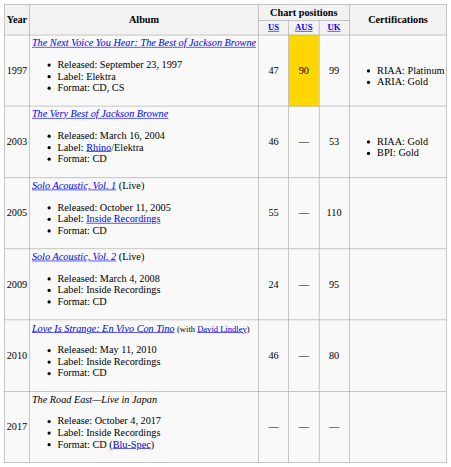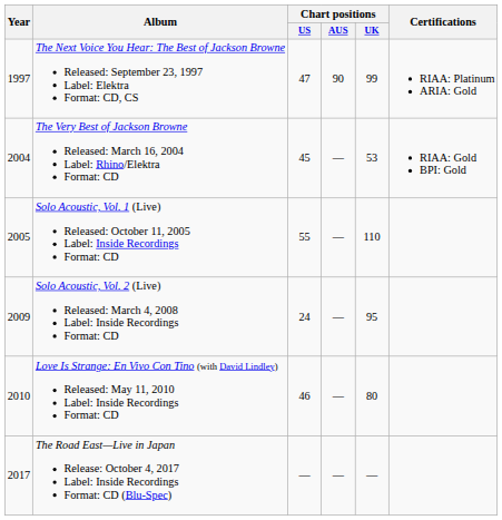 <table class="wikitable">
 <tr>
 <th rowspan="2">Year</th>
 <th rowspan="2">Album</th>
 <th colspan="3">Chart positions</th>
 <th rowspan="2">Certifications</th>
 </tr>
 <tr>
 <th style="width:3em;font-size:85%;"><a href='#'>US</a><br></th>
 <th style="width:3em;font-size:85%;"><a href='#'>AUS</a><br></th>
 <th style="width:3em;font-size:85%;"><a href='#'>UK</a><br></th>
 </tr>
 <tr>
 <td>1997</td>
 <td><em><a href='#'>The Next Voice You Hear: The Best of Jackson Browne</a></em><br><ul><li>Released: September 23, 1997</li><li>Label: Elektra</li><li>Format: CD, CS</li></ul></td>
 <td align="center">47</td>
-<td align="center" style="background: gold;">90</td>
+<td align="center">90</td>
 <td align="center">99</td>
 <td><br><ul><li>RIAA: Platinum</li><li>ARIA: Gold</li></ul></td>
 </tr>
 <tr>
-<td>2003</td>
+<td>2004</td>
 <td><em><a href='#'>The Very Best of Jackson Browne</a></em><br><ul><li>Released: March 16, 2004</li><li>Label: <a href='#'>Rhino</a>/Elektra</li><li>Format: CD</li></ul></td>
-<td align="center">46</td>
+<td align="center">45</td>
 <td align="center">—</td>
 <td align="center">53</td>
 <td><br><ul><li>RIAA: Gold</li><li>BPI: Gold</li></ul></td>
 </tr>
 <tr>
 <td>2005</td>
 <td><em><a href='#'>Solo Acoustic, Vol. 1</a></em> (Live)<br><ul><li>Released: October 11, 2005</li><li>Label: <a href='#'>Inside Recordings</a></li><li>Format: CD</li></ul></td>
 <td align="center">55</td>
 <td align="center">—</td>
 <td align="center">110</td>
 <td></td>
 </tr>
 <tr>
 <td>2009</td>
 <td><em><a href='#'>Solo Acoustic, Vol. 2</a></em> (Live)<br><ul><li>Released: March 4, 2008</li><li>Label: Inside Recordings</li><li>Format: CD</li></ul></td>
 <td align="center">24</td>
 <td align="center">—</td>
 <td align="center">95</td>
 <td></td>
 </tr>
 <tr>
 <td>2010</td>
 <td><em><a href='#'>Love Is Strange: En Vivo Con Tino</a></em> <small>(with <a href='#'>David Lindley</a>)</small><br><ul><li>Released: May 11, 2010</li><li>Label: Inside Recordings</li><li>Format: CD</li></ul></td>
 <td align="center">46</td>
 <td align="center">—</td>
 <td align="center">80</td>
 <td></td>
 </tr>
 <tr>
 <td>2017</td>
 <td><em>The Road East—Live in Japan</em><br><ul><li>Release: October 4, 2017</li><li>Label: Inside Recordings</li><li>Format: CD (<a href='#'>Blu-Spec</a>)</li></ul></td>
 <td align="center">—</td>
 <td align="center">—</td>
 <td align="center">—</td>
 <td></td>
 </tr>
 </table>
